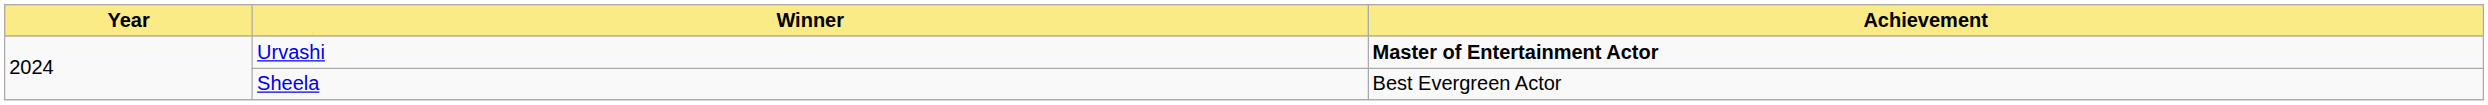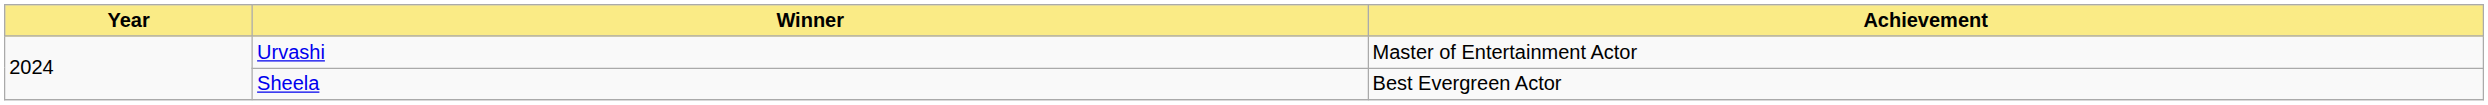 <table class="wikitable" style="width:100%">
 <tr bgcolor="#bebebe">
 <th width="10%" style="background:#FAEB86">Year</th>
 <th width="45%" style="background:#FAEB86">Winner</th>
 <th width="45%" style="background:#FAEB86">Achievement</th>
 </tr>
 <tr>
 <td rowspan="2">2024</td>
 <td><a href='#'>Urvashi</a></td>
-<td><strong>Master of Entertainment Actor</strong></td>
+<td>Master of Entertainment Actor</td>
 </tr>
 <tr>
 <td><a href='#'>Sheela</a></td>
 <td>Best Evergreen Actor</td>
 </tr>
 <tr>
 </tr>
 </table>
